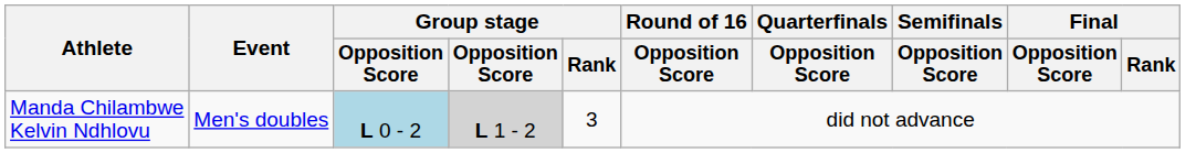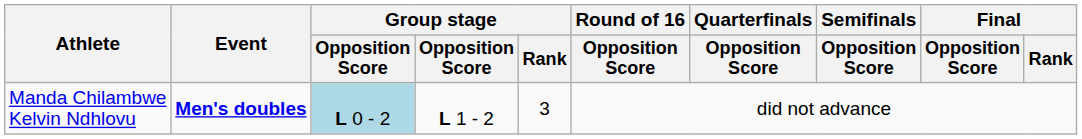 <table class=wikitable style="font-size:90%">
 <tr>
 <th rowspan=2>Athlete</th>
 <th rowspan=2>Event</th>
 <th colspan=3>Group stage</th>
 <th>Round of 16</th>
 <th>Quarterfinals</th>
 <th>Semifinals</th>
 <th colspan=2>Final</th>
 </tr>
 <tr style="font-size:95%">
 <th>Opposition<br>Score</th>
 <th>Opposition<br>Score</th>
 <th>Rank</th>
 <th>Opposition<br>Score</th>
 <th>Opposition<br>Score</th>
 <th>Opposition<br>Score</th>
 <th>Opposition<br>Score</th>
 <th>Rank</th>
 </tr>
 <tr align=center>
 <td align=left><a href='#'>Manda Chilambwe</a><br><a href='#'>Kelvin Ndhlovu</a></td>
-<td align=left><a href='#'>Men's doubles</a></td>
+<td align=left><strong><a href='#'>Men's doubles</a></strong></td>
 <td style="background: lightblue;"><br><strong>L</strong> 0 - 2</td>
-<td style="background: lightgrey;"><br><strong>L</strong> 1 - 2</td>
+<td><br><strong>L</strong> 1 - 2</td>
 <td>3</td>
 <td colspan=5>did not advance</td>
 </tr>
 </table>
